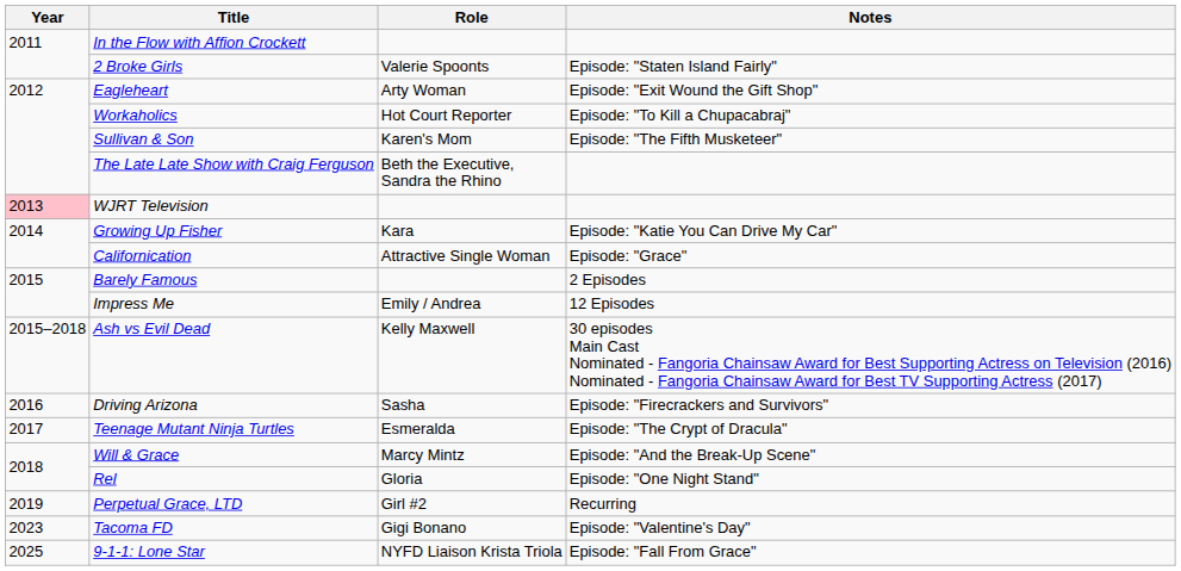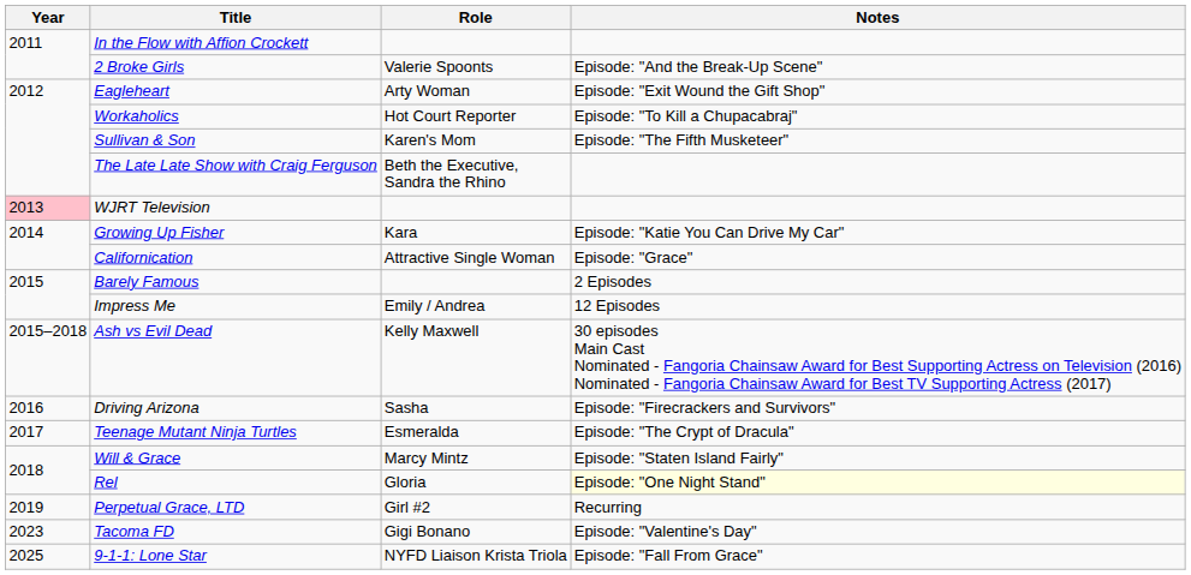 <table class="wikitable sortable">
 <tr>
 <th>Year</th>
 <th>Title</th>
 <th>Role</th>
 <th>Notes</th>
 </tr>
 <tr valign="top">
 <td rowspan="2">2011</td>
 <td><em><a href='#'>In the Flow with Affion Crockett</a></em></td>
 <td></td>
 <td></td>
 </tr>
 <tr valign="top">
 <td><em><a href='#'>2 Broke Girls</a></em></td>
 <td>Valerie Spoonts</td>
-<td>Episode: "Staten Island Fairly"</td>
+<td>Episode: "And the Break-Up Scene"</td>
 </tr>
 <tr valign="top">
 <td rowspan="4">2012</td>
 <td><em><a href='#'>Eagleheart</a></em></td>
 <td>Arty Woman</td>
 <td>Episode: "Exit Wound the Gift Shop"</td>
 </tr>
 <tr valign="top">
 <td><em><a href='#'>Workaholics</a></em></td>
 <td>Hot Court Reporter</td>
 <td>Episode: "To Kill a Chupacabraj"</td>
 </tr>
 <tr valign="top">
 <td><em><a href='#'>Sullivan & Son</a></em></td>
 <td>Karen's Mom</td>
 <td>Episode: "The Fifth Musketeer"</td>
 </tr>
 <tr valign="top">
 <td><em><a href='#'>The Late Late Show with Craig Ferguson</a></em></td>
 <td>Beth the Executive,<br>Sandra the Rhino</td>
 <td></td>
 </tr>
 <tr valign="top">
 <td style="background: pink;">2013</td>
 <td><em>WJRT Television</em></td>
 <td></td>
 <td></td>
 </tr>
 <tr valign="top">
 <td rowspan="2">2014</td>
 <td><em><a href='#'>Growing Up Fisher</a></em></td>
 <td>Kara</td>
 <td>Episode: "Katie You Can Drive My Car"</td>
 </tr>
 <tr valign="top">
 <td><em><a href='#'>Californication</a></em></td>
 <td>Attractive Single Woman</td>
 <td>Episode: "Grace"</td>
 </tr>
 <tr valign="top">
 <td rowspan="2">2015</td>
 <td><em><a href='#'>Barely Famous</a></em></td>
 <td></td>
 <td>2 Episodes</td>
 </tr>
 <tr valign="top">
 <td><em>Impress Me</em></td>
 <td>Emily / Andrea</td>
 <td>12 Episodes</td>
 </tr>
 <tr valign="top">
 <td>2015–2018</td>
 <td><em><a href='#'>Ash vs Evil Dead</a></em></td>
 <td>Kelly Maxwell</td>
 <td>30 episodes<br>Main Cast<br> Nominated - <a href='#'>Fangoria Chainsaw Award for Best Supporting Actress on Television</a> (2016)<br>Nominated - <a href='#'>Fangoria Chainsaw Award for Best TV Supporting Actress</a> (2017)</td>
 </tr>
 <tr>
 <td>2016</td>
 <td><em>Driving Arizona</em></td>
 <td>Sasha</td>
 <td>Episode: "Firecrackers and Survivors"</td>
 </tr>
 <tr>
 <td>2017</td>
 <td><em><a href='#'>Teenage Mutant Ninja Turtles</a></em></td>
 <td>Esmeralda</td>
 <td>Episode: "The Crypt of Dracula"</td>
 </tr>
 <tr>
 <td rowspan="2">2018</td>
 <td><em><a href='#'>Will & Grace</a></em></td>
 <td>Marcy Mintz</td>
-<td>Episode: "And the Break-Up Scene"</td>
+<td>Episode: "Staten Island Fairly"</td>
 </tr>
 <tr>
 <td><em><a href='#'>Rel</a></em></td>
 <td>Gloria</td>
-<td>Episode: "One Night Stand"</td>
+<td style="background: lightyellow;">Episode: "One Night Stand"</td>
 </tr>
 <tr>
 <td>2019</td>
 <td><em><a href='#'>Perpetual Grace, LTD</a></em></td>
 <td>Girl #2</td>
 <td>Recurring</td>
 </tr>
 <tr>
 <td>2023</td>
 <td><em><a href='#'>Tacoma FD</a></em></td>
 <td>Gigi Bonano</td>
 <td>Episode: "Valentine's Day"</td>
 </tr>
 <tr>
 <td>2025</td>
 <td><em><a href='#'>9-1-1: Lone Star</a></em></td>
 <td>NYFD Liaison Krista Triola</td>
 <td>Episode: "Fall From Grace"</td>
 </tr>
 </table>
